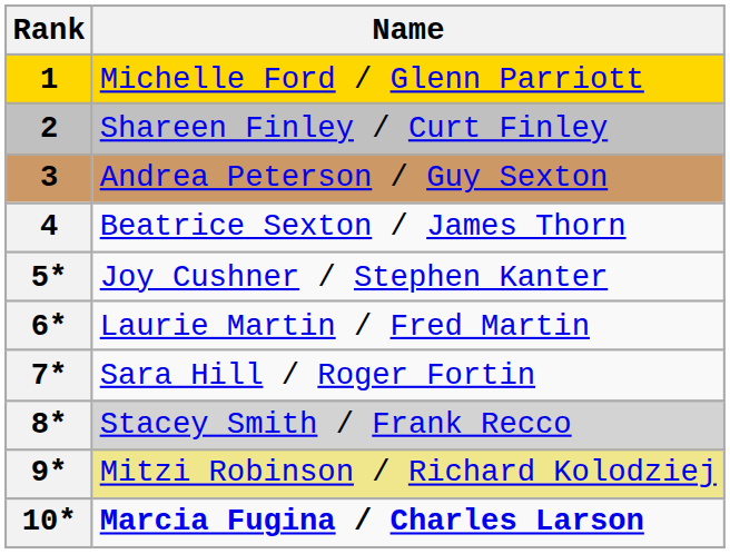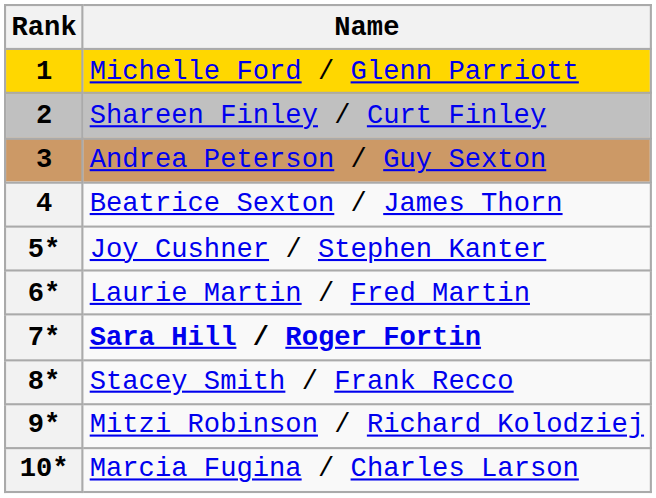 <table class="wikitable">
 <tr>
 <th>Rank</th>
 <th>Name</th>
 </tr>
 <tr bgcolor="gold">
 <td align="center"><strong>1</strong></td>
 <td><a href='#'>Michelle Ford</a> / <a href='#'>Glenn Parriott</a></td>
 </tr>
 <tr bgcolor="silver">
 <td align="center"><strong>2</strong></td>
 <td><a href='#'>Shareen Finley</a> / <a href='#'>Curt Finley</a></td>
 </tr>
 <tr bgcolor="cc9966">
 <td align="center"><strong>3</strong></td>
 <td><a href='#'>Andrea Peterson</a> / <a href='#'>Guy Sexton</a></td>
 </tr>
 <tr>
 <th>4</th>
 <td><a href='#'>Beatrice Sexton</a> / <a href='#'>James Thorn</a></td>
 </tr>
 <tr>
 <th>5*</th>
 <td><a href='#'>Joy Cushner</a> / <a href='#'>Stephen Kanter</a></td>
 </tr>
 <tr>
 <th>6*</th>
 <td><a href='#'>Laurie Martin</a> / <a href='#'>Fred Martin</a></td>
 </tr>
 <tr>
 <th>7*</th>
-<td><a href='#'>Sara Hill</a> / <a href='#'>Roger Fortin</a></td>
+<td><strong><a href='#'>Sara Hill</a> / <a href='#'>Roger Fortin</a></strong></td>
 </tr>
 <tr>
 <th>8*</th>
-<td style="background: lightgrey;"><a href='#'>Stacey Smith</a> / <a href='#'>Frank Recco</a></td>
+<td><a href='#'>Stacey Smith</a> / <a href='#'>Frank Recco</a></td>
 </tr>
 <tr>
 <th>9*</th>
-<td style="background: khaki;"><a href='#'>Mitzi Robinson</a> / <a href='#'>Richard Kolodziej</a></td>
+<td><a href='#'>Mitzi Robinson</a> / <a href='#'>Richard Kolodziej</a></td>
 </tr>
 <tr>
 <th>10*</th>
-<td><strong><a href='#'>Marcia Fugina</a> / <a href='#'>Charles Larson</a></strong></td>
+<td><a href='#'>Marcia Fugina</a> / <a href='#'>Charles Larson</a></td>
 </tr>
 </table>
